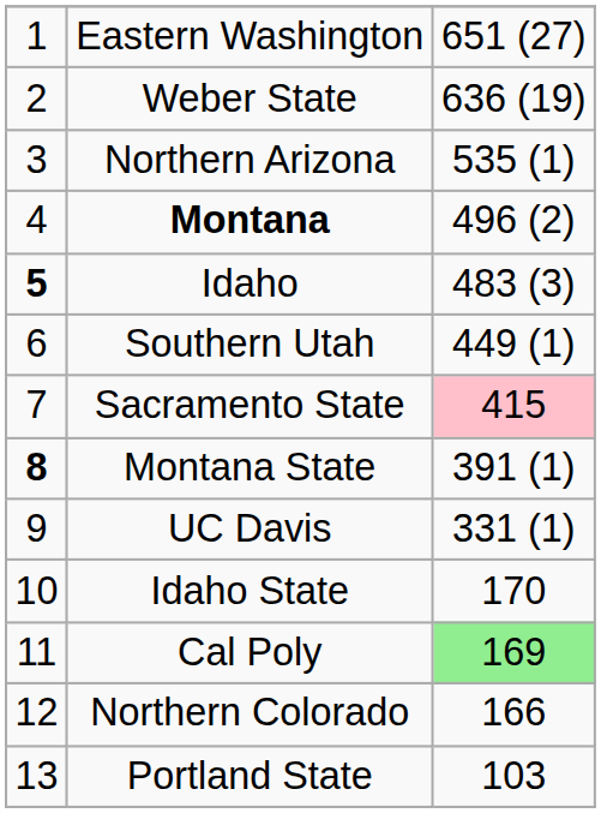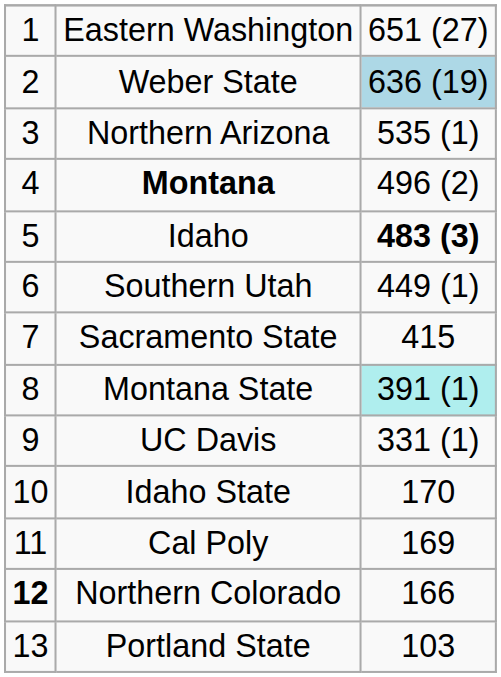 <table class="wikitable" style="display: inline-table;">
 <tr align="center">
 </tr>
 <tr align="center">
 <td>1</td>
 <td>Eastern Washington</td>
 <td>651 (27)</td>
 </tr>
 <tr align="center">
 <td>2</td>
 <td>Weber State</td>
-<td>636 (19)</td>
+<td style="background: lightblue;">636 (19)</td>
 </tr>
 <tr align="center">
 <td>3</td>
 <td>Northern Arizona</td>
 <td>535 (1)</td>
 </tr>
 <tr align="center">
 <td>4</td>
 <td><strong>Montana</strong></td>
 <td>496 (2)</td>
 </tr>
 <tr align="center">
-<td><strong>5</strong></td>
+<td>5</td>
 <td>Idaho</td>
-<td>483 (3)</td>
+<td><strong>483 (3)</strong></td>
 </tr>
 <tr align="center">
 <td>6</td>
 <td>Southern Utah</td>
 <td>449 (1)</td>
 </tr>
 <tr align="center">
 <td>7</td>
 <td>Sacramento State</td>
-<td style="background: pink;">415</td>
+<td>415</td>
 </tr>
 <tr align="center">
-<td><strong>8</strong></td>
+<td>8</td>
 <td>Montana State</td>
-<td>391 (1)</td>
+<td style="background: paleturquoise;">391 (1)</td>
 </tr>
 <tr align="center">
 <td>9</td>
 <td>UC Davis</td>
 <td>331 (1)</td>
 </tr>
 <tr align="center">
 <td>10</td>
 <td>Idaho State</td>
 <td>170</td>
 </tr>
 <tr align="center">
 <td>11</td>
 <td>Cal Poly</td>
-<td style="background: lightgreen;">169</td>
+<td>169</td>
 </tr>
 <tr align="center">
-<td>12</td>
+<td><strong>12</strong></td>
 <td>Northern Colorado</td>
 <td>166</td>
 </tr>
 <tr align="center">
 <td>13</td>
 <td>Portland State</td>
 <td>103</td>
 </tr>
 </table>
